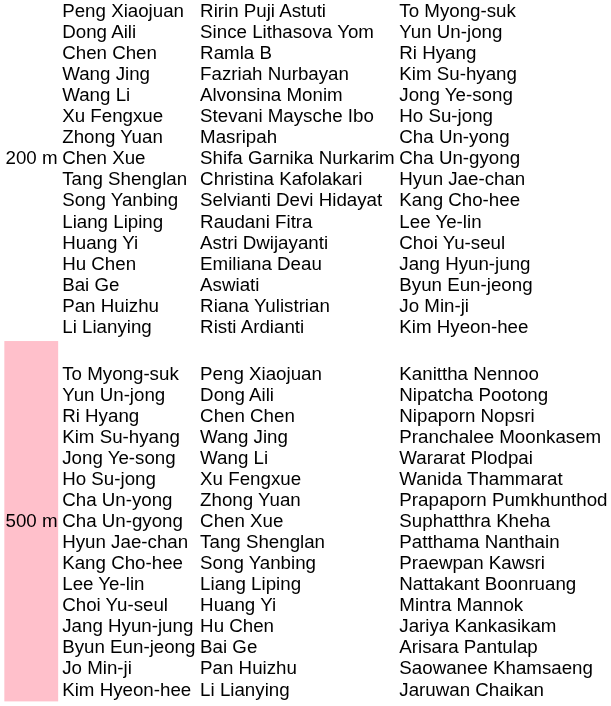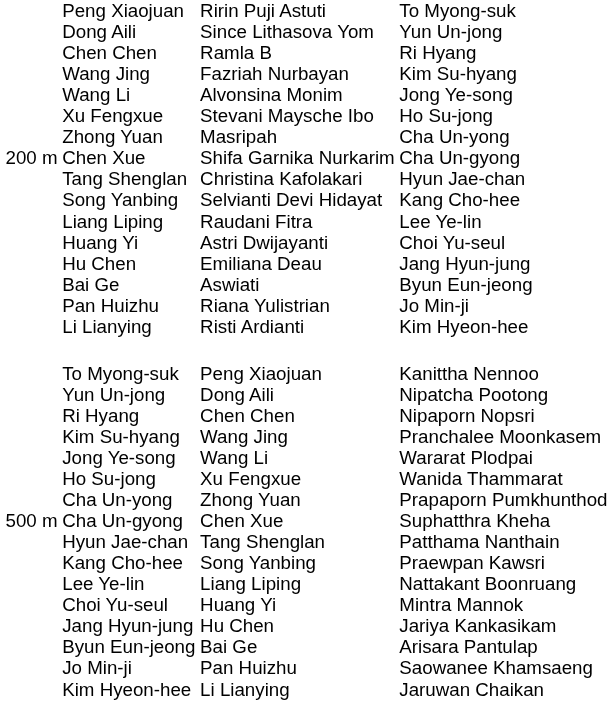 <table>
 <tr>
 <td>200 m<br></td>
 <td><br>Peng Xiaojuan<br>Dong Aili<br>Chen Chen<br>Wang Jing<br>Wang Li<br>Xu Fengxue<br>Zhong Yuan<br>Chen Xue<br>Tang Shenglan<br>Song Yanbing<br>Liang Liping<br>Huang Yi<br>Hu Chen<br>Bai Ge<br>Pan Huizhu<br>Li Lianying</td>
 <td><br>Ririn Puji Astuti<br>Since Lithasova Yom<br>Ramla B<br>Fazriah Nurbayan<br>Alvonsina Monim<br>Stevani Maysche Ibo<br>Masripah<br>Shifa Garnika Nurkarim<br>Christina Kafolakari<br>Selvianti Devi Hidayat<br>Raudani Fitra<br>Astri Dwijayanti<br>Emiliana Deau<br>Aswiati<br>Riana Yulistrian<br>Risti Ardianti</td>
 <td><br>To Myong-suk<br>Yun Un-jong<br>Ri Hyang<br>Kim Su-hyang<br>Jong Ye-song<br>Ho Su-jong<br>Cha Un-yong<br>Cha Un-gyong<br>Hyun Jae-chan<br>Kang Cho-hee<br>Lee Ye-lin<br>Choi Yu-seul<br>Jang Hyun-jung<br>Byun Eun-jeong<br>Jo Min-ji<br>Kim Hyeon-hee</td>
 </tr>
 <tr>
-<td style="background: pink;">500 m<br></td>
+<td>500 m<br></td>
 <td><br>To Myong-suk<br>Yun Un-jong<br>Ri Hyang<br>Kim Su-hyang<br>Jong Ye-song<br>Ho Su-jong<br>Cha Un-yong<br>Cha Un-gyong<br>Hyun Jae-chan<br>Kang Cho-hee<br>Lee Ye-lin<br>Choi Yu-seul<br>Jang Hyun-jung<br>Byun Eun-jeong<br>Jo Min-ji<br>Kim Hyeon-hee</td>
 <td><br>Peng Xiaojuan<br>Dong Aili<br>Chen Chen<br>Wang Jing<br>Wang Li<br>Xu Fengxue<br>Zhong Yuan<br>Chen Xue<br>Tang Shenglan<br>Song Yanbing<br>Liang Liping<br>Huang Yi<br>Hu Chen<br>Bai Ge<br>Pan Huizhu<br>Li Lianying</td>
 <td><br>Kanittha Nennoo<br>Nipatcha Pootong<br>Nipaporn Nopsri<br>Pranchalee Moonkasem<br>Wararat Plodpai<br>Wanida Thammarat<br>Prapaporn Pumkhunthod<br>Suphatthra Kheha<br>Patthama Nanthain<br>Praewpan Kawsri<br>Nattakant Boonruang<br>Mintra Mannok<br>Jariya Kankasikam<br>Arisara Pantulap<br>Saowanee Khamsaeng<br>Jaruwan Chaikan</td>
 </tr>
 </table>
